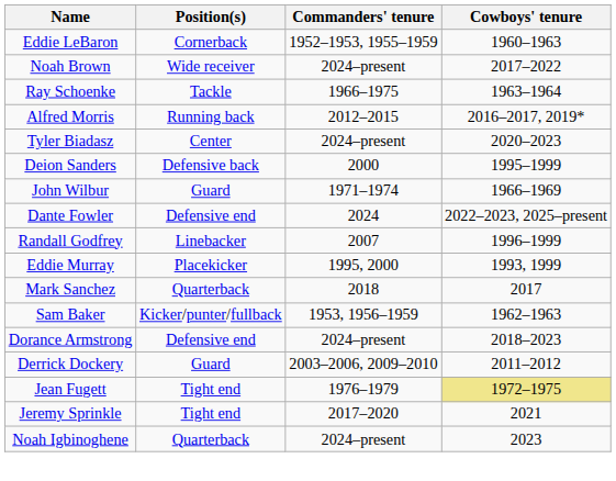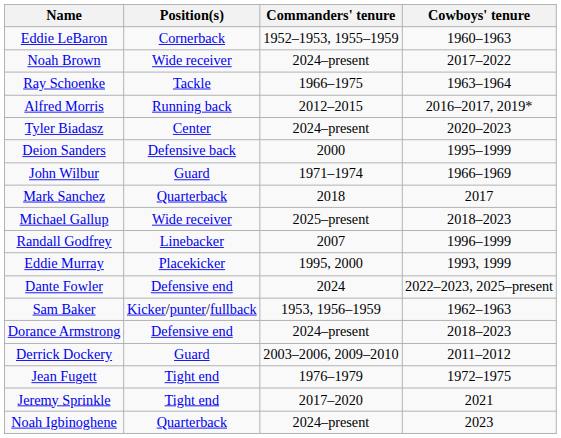 <table class="wikitable" style="text-align: center;">
 <tr>
 <th>Name</th>
 <th>Position(s)</th>
 <th>Commanders' tenure</th>
 <th>Cowboys' tenure</th>
 </tr>
 <tr>
 <td><a href='#'>Eddie LeBaron</a></td>
 <td><a href='#'>Cornerback</a></td>
 <td>1952–1953, 1955–1959</td>
 <td>1960–1963</td>
 </tr>
 <tr>
 <td><a href='#'>Noah Brown</a></td>
 <td><a href='#'>Wide receiver</a></td>
 <td>2024–present</td>
 <td>2017–2022</td>
 </tr>
 <tr>
 <td><a href='#'>Ray Schoenke</a></td>
 <td><a href='#'>Tackle</a></td>
 <td>1966–1975</td>
 <td>1963–1964</td>
 </tr>
 <tr>
 <td><a href='#'>Alfred Morris</a></td>
 <td><a href='#'>Running back</a></td>
 <td>2012–2015</td>
 <td>2016–2017, 2019*</td>
 </tr>
 <tr>
 <td><a href='#'>Tyler Biadasz</a></td>
 <td><a href='#'>Center</a></td>
 <td>2024–present</td>
 <td>2020–2023</td>
 </tr>
 <tr>
 <td><a href='#'>Deion Sanders</a></td>
 <td><a href='#'>Defensive back</a></td>
 <td>2000</td>
 <td>1995–1999</td>
 </tr>
 <tr>
 <td><a href='#'>John Wilbur</a></td>
 <td><a href='#'>Guard</a></td>
 <td>1971–1974</td>
 <td>1966–1969</td>
 </tr>
 <tr>
-<td><a href='#'>Dante Fowler</a></td>
-<td><a href='#'>Defensive end</a></td>
-<td>2024</td>
-<td>2022–2023, 2025–present</td>
+<td><a href='#'>Mark Sanchez</a></td>
+<td><a href='#'>Quarterback</a></td>
+<td>2018</td>
+<td>2017</td>
+</tr>
+<tr>
+<td><a href='#'>Michael Gallup</a></td>
+<td><a href='#'>Wide receiver</a></td>
+<td>2025–present</td>
+<td>2018–2023</td>
 </tr>
 <tr>
 <td><a href='#'>Randall Godfrey</a></td>
 <td><a href='#'>Linebacker</a></td>
 <td>2007</td>
 <td>1996–1999</td>
 </tr>
 <tr>
 <td><a href='#'>Eddie Murray</a></td>
 <td><a href='#'>Placekicker</a></td>
 <td>1995, 2000</td>
 <td>1993, 1999</td>
 </tr>
 <tr>
-<td><a href='#'>Mark Sanchez</a></td>
-<td><a href='#'>Quarterback</a></td>
-<td>2018</td>
-<td>2017</td>
+<td><a href='#'>Dante Fowler</a></td>
+<td><a href='#'>Defensive end</a></td>
+<td>2024</td>
+<td>2022–2023, 2025–present</td>
 </tr>
 <tr>
 <td><a href='#'>Sam Baker</a></td>
 <td><a href='#'>Kicker</a>/<a href='#'>punter</a>/<a href='#'>fullback</a></td>
 <td>1953, 1956–1959</td>
 <td>1962–1963</td>
 </tr>
 <tr>
 <td><a href='#'>Dorance Armstrong</a></td>
 <td><a href='#'>Defensive end</a></td>
 <td>2024–present</td>
 <td>2018–2023</td>
 </tr>
 <tr>
 <td><a href='#'>Derrick Dockery</a></td>
 <td><a href='#'>Guard</a></td>
 <td>2003–2006, 2009–2010</td>
 <td>2011–2012</td>
 </tr>
 <tr>
 <td><a href='#'>Jean Fugett</a></td>
 <td><a href='#'>Tight end</a></td>
 <td>1976–1979</td>
-<td style="background: khaki;">1972–1975</td>
+<td>1972–1975</td>
 </tr>
 <tr>
 <td><a href='#'>Jeremy Sprinkle</a></td>
 <td><a href='#'>Tight end</a></td>
 <td>2017–2020</td>
 <td>2021</td>
 </tr>
 <tr>
 <td><a href='#'>Noah Igbinoghene</a></td>
 <td><a href='#'>Quarterback</a></td>
 <td>2024–present</td>
 <td>2023</td>
 </tr>
 </table>
